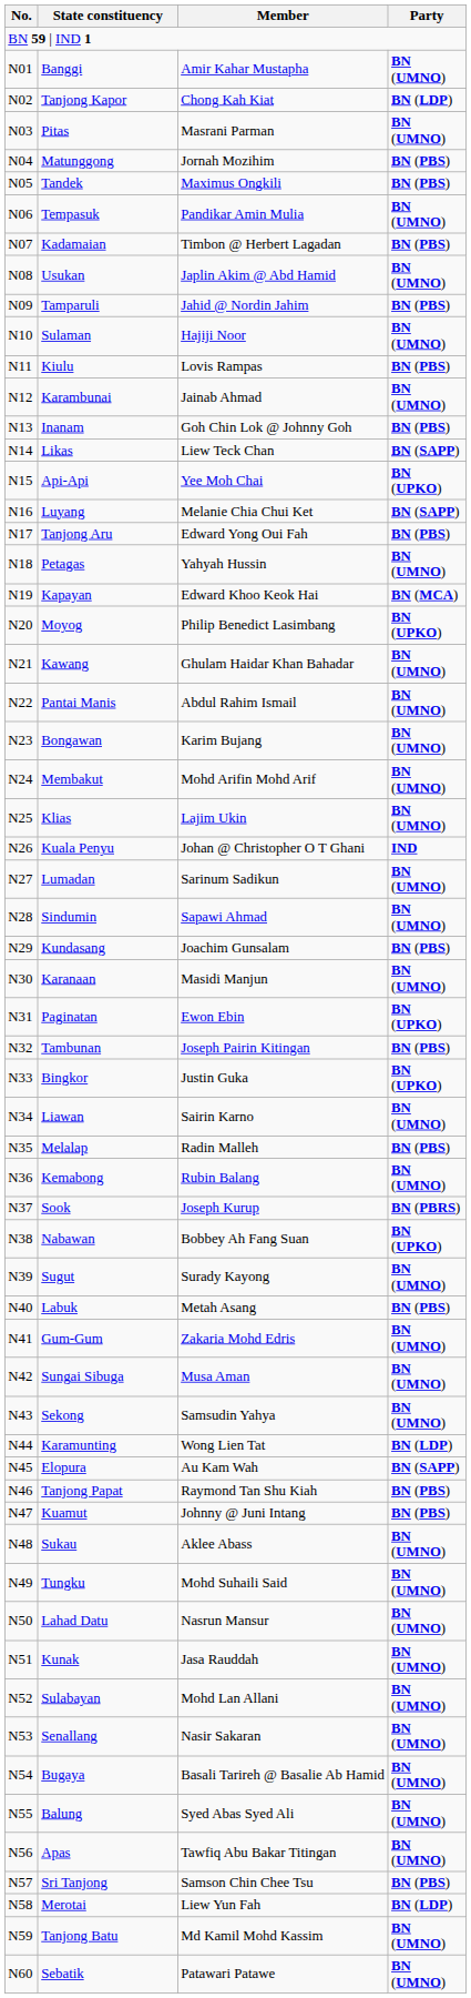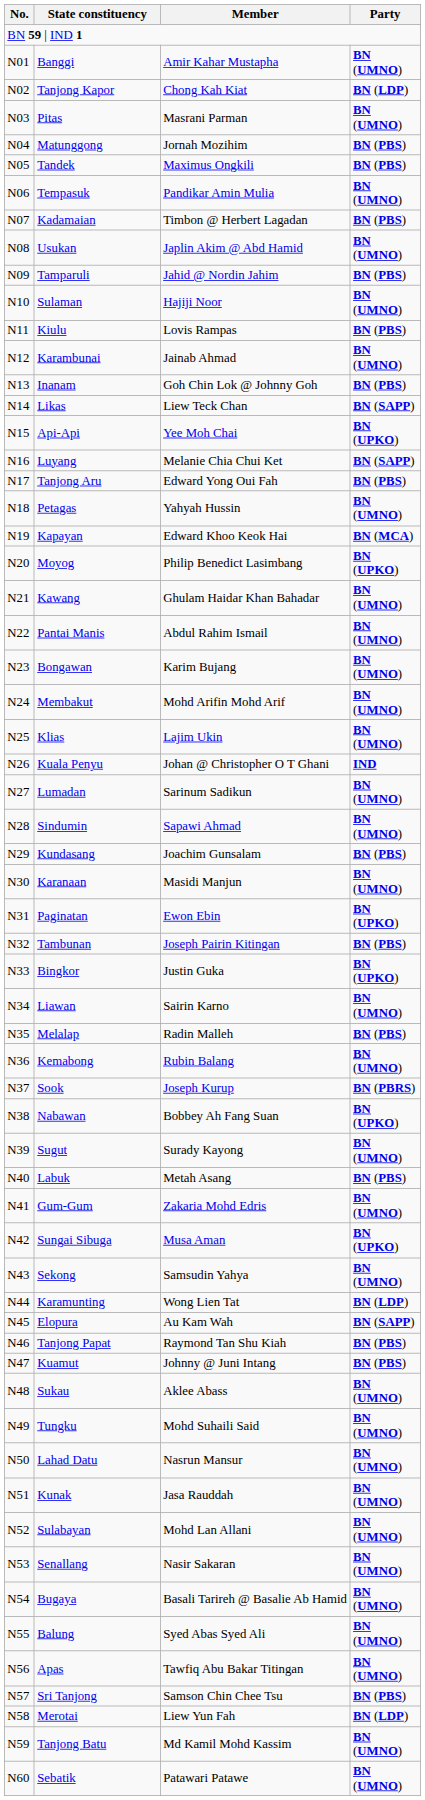 <table class="wikitable sortable">
 <tr>
 <th style="width:30px;">No.</th>
 <th style="width:150px;">State constituency</th>
 <th style="width:230px;">Member</th>
 <th style="width:80px;">Party</th>
 </tr>
 <tr>
 <td colspan="4"><a href='#'>BN</a> <strong>59</strong> | <a href='#'>IND</a> <strong>1</strong></td>
 </tr>
 <tr>
 <td>N01</td>
 <td><a href='#'>Banggi</a></td>
 <td><a href='#'>Amir Kahar Mustapha</a></td>
 <td><strong><a href='#'>BN</a></strong> (<strong><a href='#'>UMNO</a></strong>)</td>
 </tr>
 <tr>
 <td>N02</td>
 <td><a href='#'>Tanjong Kapor</a></td>
 <td><a href='#'>Chong Kah Kiat</a></td>
 <td><strong><a href='#'>BN</a></strong> (<strong><a href='#'>LDP</a></strong>)</td>
 </tr>
 <tr>
 <td>N03</td>
 <td><a href='#'>Pitas</a></td>
 <td>Masrani Parman</td>
 <td><strong><a href='#'>BN</a></strong> (<strong><a href='#'>UMNO</a></strong>)</td>
 </tr>
 <tr>
 <td>N04</td>
 <td><a href='#'>Matunggong</a></td>
 <td>Jornah Mozihim</td>
 <td><strong><a href='#'>BN</a></strong> (<strong><a href='#'>PBS</a></strong>)</td>
 </tr>
 <tr>
 <td>N05</td>
 <td><a href='#'>Tandek</a></td>
 <td><a href='#'>Maximus Ongkili</a></td>
 <td><strong><a href='#'>BN</a></strong> (<strong><a href='#'>PBS</a></strong>)</td>
 </tr>
 <tr>
 <td>N06</td>
 <td><a href='#'>Tempasuk</a></td>
 <td><a href='#'>Pandikar Amin Mulia</a></td>
 <td><strong><a href='#'>BN</a></strong> (<strong><a href='#'>UMNO</a></strong>)</td>
 </tr>
 <tr>
 <td>N07</td>
 <td><a href='#'>Kadamaian</a></td>
 <td>Timbon @ Herbert Lagadan</td>
 <td><strong><a href='#'>BN</a></strong> (<strong><a href='#'>PBS</a></strong>)</td>
 </tr>
 <tr>
 <td>N08</td>
 <td><a href='#'>Usukan</a></td>
 <td><a href='#'>Japlin Akim @ Abd Hamid</a></td>
 <td><strong><a href='#'>BN</a></strong> (<strong><a href='#'>UMNO</a></strong>)</td>
 </tr>
 <tr>
 <td>N09</td>
 <td><a href='#'>Tamparuli</a></td>
 <td><a href='#'>Jahid @ Nordin Jahim</a></td>
 <td><strong><a href='#'>BN</a></strong> (<strong><a href='#'>PBS</a></strong>)</td>
 </tr>
 <tr>
 <td>N10</td>
 <td><a href='#'>Sulaman</a></td>
 <td><a href='#'>Hajiji Noor</a></td>
 <td><strong><a href='#'>BN</a></strong> (<strong><a href='#'>UMNO</a></strong>)</td>
 </tr>
 <tr>
 <td>N11</td>
 <td><a href='#'>Kiulu</a></td>
 <td>Lovis Rampas</td>
 <td><strong><a href='#'>BN</a></strong> (<strong><a href='#'>PBS</a></strong>)</td>
 </tr>
 <tr>
 <td>N12</td>
 <td><a href='#'>Karambunai</a></td>
 <td>Jainab Ahmad</td>
 <td><strong><a href='#'>BN</a></strong> (<strong><a href='#'>UMNO</a></strong>)</td>
 </tr>
 <tr>
 <td>N13</td>
 <td><a href='#'>Inanam</a></td>
 <td>Goh Chin Lok @ Johnny Goh</td>
 <td><strong><a href='#'>BN</a></strong> (<strong><a href='#'>PBS</a></strong>)</td>
 </tr>
 <tr>
 <td>N14</td>
 <td><a href='#'>Likas</a></td>
 <td>Liew Teck Chan</td>
 <td><strong><a href='#'>BN</a></strong> (<strong><a href='#'>SAPP</a></strong>)</td>
 </tr>
 <tr>
 <td>N15</td>
 <td><a href='#'>Api-Api</a></td>
 <td><a href='#'>Yee Moh Chai</a></td>
 <td><strong><a href='#'>BN</a></strong> (<strong><a href='#'>UPKO</a></strong>)</td>
 </tr>
 <tr>
 <td>N16</td>
 <td><a href='#'>Luyang</a></td>
 <td>Melanie Chia Chui Ket</td>
 <td><strong><a href='#'>BN</a></strong> (<strong><a href='#'>SAPP</a></strong>)</td>
 </tr>
 <tr>
 <td>N17</td>
 <td><a href='#'>Tanjong Aru</a></td>
 <td>Edward Yong Oui Fah</td>
 <td><strong><a href='#'>BN</a></strong> (<strong><a href='#'>PBS</a></strong>)</td>
 </tr>
 <tr>
 <td>N18</td>
 <td><a href='#'>Petagas</a></td>
 <td>Yahyah Hussin</td>
 <td><strong><a href='#'>BN</a></strong> (<strong><a href='#'>UMNO</a></strong>)</td>
 </tr>
 <tr>
 <td>N19</td>
 <td><a href='#'>Kapayan</a></td>
 <td>Edward Khoo Keok Hai</td>
 <td><strong><a href='#'>BN</a></strong> (<strong><a href='#'>MCA</a></strong>)</td>
 </tr>
 <tr>
 <td>N20</td>
 <td><a href='#'>Moyog</a></td>
 <td>Philip Benedict Lasimbang</td>
 <td><strong><a href='#'>BN</a></strong> (<strong><a href='#'>UPKO</a></strong>)</td>
 </tr>
 <tr>
 <td>N21</td>
 <td><a href='#'>Kawang</a></td>
 <td>Ghulam Haidar Khan Bahadar</td>
 <td><strong><a href='#'>BN</a></strong> (<strong><a href='#'>UMNO</a></strong>)</td>
 </tr>
 <tr>
 <td>N22</td>
 <td><a href='#'>Pantai Manis</a></td>
 <td>Abdul Rahim Ismail</td>
 <td><strong><a href='#'>BN</a></strong> (<strong><a href='#'>UMNO</a></strong>)</td>
 </tr>
 <tr>
 <td>N23</td>
 <td><a href='#'>Bongawan</a></td>
 <td>Karim Bujang</td>
 <td><strong><a href='#'>BN</a></strong> (<strong><a href='#'>UMNO</a></strong>)</td>
 </tr>
 <tr>
 <td>N24</td>
 <td><a href='#'>Membakut</a></td>
 <td>Mohd Arifin Mohd Arif</td>
 <td><strong><a href='#'>BN</a></strong> (<strong><a href='#'>UMNO</a></strong>)</td>
 </tr>
 <tr>
 <td>N25</td>
 <td><a href='#'>Klias</a></td>
 <td><a href='#'>Lajim Ukin</a></td>
 <td><strong><a href='#'>BN</a></strong> (<strong><a href='#'>UMNO</a></strong>)</td>
 </tr>
 <tr>
 <td>N26</td>
 <td><a href='#'>Kuala Penyu</a></td>
 <td>Johan @ Christopher O T Ghani</td>
 <td><strong><a href='#'>IND</a></strong></td>
 </tr>
 <tr>
 <td>N27</td>
 <td><a href='#'>Lumadan</a></td>
 <td>Sarinum Sadikun</td>
 <td><strong><a href='#'>BN</a></strong> (<strong><a href='#'>UMNO</a></strong>)</td>
 </tr>
 <tr>
 <td>N28</td>
 <td><a href='#'>Sindumin</a></td>
 <td><a href='#'>Sapawi Ahmad</a></td>
 <td><strong><a href='#'>BN</a></strong> (<strong><a href='#'>UMNO</a></strong>)</td>
 </tr>
 <tr>
 <td>N29</td>
 <td><a href='#'>Kundasang</a></td>
 <td>Joachim Gunsalam</td>
 <td><strong><a href='#'>BN</a></strong> (<strong><a href='#'>PBS</a></strong>)</td>
 </tr>
 <tr>
 <td>N30</td>
 <td><a href='#'>Karanaan</a></td>
 <td>Masidi Manjun</td>
 <td><strong><a href='#'>BN</a></strong> (<strong><a href='#'>UMNO</a></strong>)</td>
 </tr>
 <tr>
 <td>N31</td>
 <td><a href='#'>Paginatan</a></td>
 <td><a href='#'>Ewon Ebin</a></td>
 <td><strong><a href='#'>BN</a></strong> (<strong><a href='#'>UPKO</a></strong>)</td>
 </tr>
 <tr>
 <td>N32</td>
 <td><a href='#'>Tambunan</a></td>
 <td><a href='#'>Joseph Pairin Kitingan</a></td>
 <td><strong><a href='#'>BN</a></strong> (<strong><a href='#'>PBS</a></strong>)</td>
 </tr>
 <tr>
 <td>N33</td>
 <td><a href='#'>Bingkor</a></td>
 <td>Justin Guka</td>
 <td><strong><a href='#'>BN</a></strong> (<strong><a href='#'>UPKO</a></strong>)</td>
 </tr>
 <tr>
 <td>N34</td>
 <td><a href='#'>Liawan</a></td>
 <td>Sairin Karno</td>
 <td><strong><a href='#'>BN</a></strong> (<strong><a href='#'>UMNO</a></strong>)</td>
 </tr>
 <tr>
 <td>N35</td>
 <td><a href='#'>Melalap</a></td>
 <td>Radin Malleh</td>
 <td><strong><a href='#'>BN</a></strong> (<strong><a href='#'>PBS</a></strong>)</td>
 </tr>
 <tr>
 <td>N36</td>
 <td><a href='#'>Kemabong</a></td>
 <td><a href='#'>Rubin Balang</a></td>
 <td><strong><a href='#'>BN</a></strong> (<strong><a href='#'>UMNO</a></strong>)</td>
 </tr>
 <tr>
 <td>N37</td>
 <td><a href='#'>Sook</a></td>
 <td><a href='#'>Joseph Kurup</a></td>
 <td><strong><a href='#'>BN</a></strong> (<strong><a href='#'>PBRS</a></strong>)</td>
 </tr>
 <tr>
 <td>N38</td>
 <td><a href='#'>Nabawan</a></td>
 <td>Bobbey Ah Fang Suan</td>
 <td><strong><a href='#'>BN</a></strong> (<strong><a href='#'>UPKO</a></strong>)</td>
 </tr>
 <tr>
 <td>N39</td>
 <td><a href='#'>Sugut</a></td>
 <td>Surady Kayong</td>
 <td><strong><a href='#'>BN</a></strong> (<strong><a href='#'>UMNO</a></strong>)</td>
 </tr>
 <tr>
 <td>N40</td>
 <td><a href='#'>Labuk</a></td>
 <td>Metah Asang</td>
 <td><strong><a href='#'>BN</a></strong> (<strong><a href='#'>PBS</a></strong>)</td>
 </tr>
 <tr>
 <td>N41</td>
 <td><a href='#'>Gum-Gum</a></td>
 <td><a href='#'>Zakaria Mohd Edris</a></td>
 <td><strong><a href='#'>BN</a></strong> (<strong><a href='#'>UMNO</a></strong>)</td>
 </tr>
 <tr>
 <td>N42</td>
 <td><a href='#'>Sungai Sibuga</a></td>
 <td><a href='#'>Musa Aman</a></td>
-<td><strong><a href='#'>BN</a></strong> (<strong><a href='#'>UMNO</a></strong>)</td>
+<td><strong><a href='#'>BN</a></strong> (<strong><a href='#'>UPKO</a></strong>)</td>
 </tr>
 <tr>
 <td>N43</td>
 <td><a href='#'>Sekong</a></td>
 <td>Samsudin Yahya</td>
 <td><strong><a href='#'>BN</a></strong> (<strong><a href='#'>UMNO</a></strong>)</td>
 </tr>
 <tr>
 <td>N44</td>
 <td><a href='#'>Karamunting</a></td>
 <td>Wong Lien Tat</td>
 <td><strong><a href='#'>BN</a></strong> (<strong><a href='#'>LDP</a></strong>)</td>
 </tr>
 <tr>
 <td>N45</td>
 <td><a href='#'>Elopura</a></td>
 <td>Au Kam Wah</td>
 <td><strong><a href='#'>BN</a></strong> (<strong><a href='#'>SAPP</a></strong>)</td>
 </tr>
 <tr>
 <td>N46</td>
 <td><a href='#'>Tanjong Papat</a></td>
 <td>Raymond Tan Shu Kiah</td>
 <td><strong><a href='#'>BN</a></strong> (<strong><a href='#'>PBS</a></strong>)</td>
 </tr>
 <tr>
 <td>N47</td>
 <td><a href='#'>Kuamut</a></td>
 <td>Johnny @ Juni Intang</td>
 <td><strong><a href='#'>BN</a></strong> (<strong><a href='#'>PBS</a></strong>)</td>
 </tr>
 <tr>
 <td>N48</td>
 <td><a href='#'>Sukau</a></td>
 <td>Aklee Abass</td>
 <td><strong><a href='#'>BN</a></strong> (<strong><a href='#'>UMNO</a></strong>)</td>
 </tr>
 <tr>
 <td>N49</td>
 <td><a href='#'>Tungku</a></td>
 <td>Mohd Suhaili Said</td>
 <td><strong><a href='#'>BN</a></strong> (<strong><a href='#'>UMNO</a></strong>)</td>
 </tr>
 <tr>
 <td>N50</td>
 <td><a href='#'>Lahad Datu</a></td>
 <td>Nasrun Mansur</td>
 <td><strong><a href='#'>BN</a></strong> (<strong><a href='#'>UMNO</a></strong>)</td>
 </tr>
 <tr>
 <td>N51</td>
 <td><a href='#'>Kunak</a></td>
 <td>Jasa Rauddah</td>
 <td><strong><a href='#'>BN</a></strong> (<strong><a href='#'>UMNO</a></strong>)</td>
 </tr>
 <tr>
 <td>N52</td>
 <td><a href='#'>Sulabayan</a></td>
 <td>Mohd Lan Allani</td>
 <td><strong><a href='#'>BN</a></strong> (<strong><a href='#'>UMNO</a></strong>)</td>
 </tr>
 <tr>
 <td>N53</td>
 <td><a href='#'>Senallang</a></td>
 <td>Nasir Sakaran</td>
 <td><strong><a href='#'>BN</a></strong> (<strong><a href='#'>UMNO</a></strong>)</td>
 </tr>
 <tr>
 <td>N54</td>
 <td><a href='#'>Bugaya</a></td>
 <td>Basali Tarireh @ Basalie Ab Hamid</td>
 <td><strong><a href='#'>BN</a></strong> (<strong><a href='#'>UMNO</a></strong>)</td>
 </tr>
 <tr>
 <td>N55</td>
 <td><a href='#'>Balung</a></td>
 <td>Syed Abas Syed Ali</td>
 <td><strong><a href='#'>BN</a></strong> (<strong><a href='#'>UMNO</a></strong>)</td>
 </tr>
 <tr>
 <td>N56</td>
 <td><a href='#'>Apas</a></td>
 <td>Tawfiq Abu Bakar Titingan</td>
 <td><strong><a href='#'>BN</a></strong> (<strong><a href='#'>UMNO</a></strong>)</td>
 </tr>
 <tr>
 <td>N57</td>
 <td><a href='#'>Sri Tanjong</a></td>
 <td>Samson Chin Chee Tsu</td>
 <td><strong><a href='#'>BN</a></strong> (<strong><a href='#'>PBS</a></strong>)</td>
 </tr>
 <tr>
 <td>N58</td>
 <td><a href='#'>Merotai</a></td>
 <td>Liew Yun Fah</td>
 <td><strong><a href='#'>BN</a></strong> (<strong><a href='#'>LDP</a></strong>)</td>
 </tr>
 <tr>
 <td>N59</td>
 <td><a href='#'>Tanjong Batu</a></td>
 <td>Md Kamil Mohd Kassim</td>
 <td><strong><a href='#'>BN</a></strong> (<strong><a href='#'>UMNO</a></strong>)</td>
 </tr>
 <tr>
 <td>N60</td>
 <td><a href='#'>Sebatik</a></td>
 <td>Patawari Patawe</td>
 <td><strong><a href='#'>BN</a></strong> (<strong><a href='#'>UMNO</a></strong>)</td>
 </tr>
 </table>
